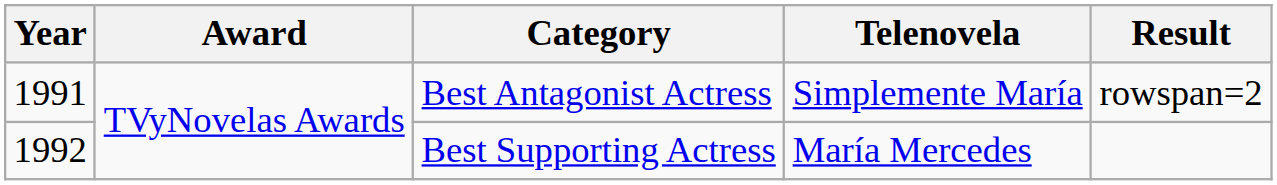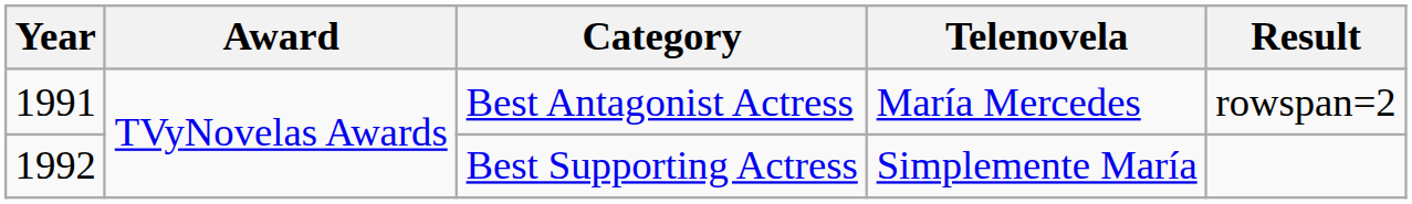 <table class="wikitable">
 <tr>
 <th>Year</th>
 <th>Award</th>
 <th>Category</th>
 <th>Telenovela</th>
 <th>Result</th>
 </tr>
 <tr>
 <td>1991</td>
 <td rowspan=2><a href='#'>TVyNovelas Awards</a></td>
 <td><a href='#'>Best Antagonist Actress</a></td>
-<td><a href='#'>Simplemente María</a></td>
+<td><a href='#'>María Mercedes</a></td>
 <td>rowspan=2 </td>
 </tr>
 <tr>
 <td>1992</td>
 <td><a href='#'>Best Supporting Actress</a></td>
-<td><a href='#'>María Mercedes</a></td>
+<td><a href='#'>Simplemente María</a></td>
 </tr>
 </table>
